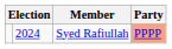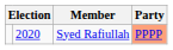 <table class="wikitable">
 <tr>
 <th colspan="2">Election</th>
 <th>Member</th>
 <th>Party</th>
 </tr>
 <tr>
 <td style="background-color: "></td>
-<td><a href='#'>2024</a></td>
+<td><a href='#'>2020</a></td>
 <td><a href='#'>Syed Rafiullah</a></td>
 <td style="background: lightsalmon;"><a href='#'>PPPP</a></td>
 </tr>
 </table>
